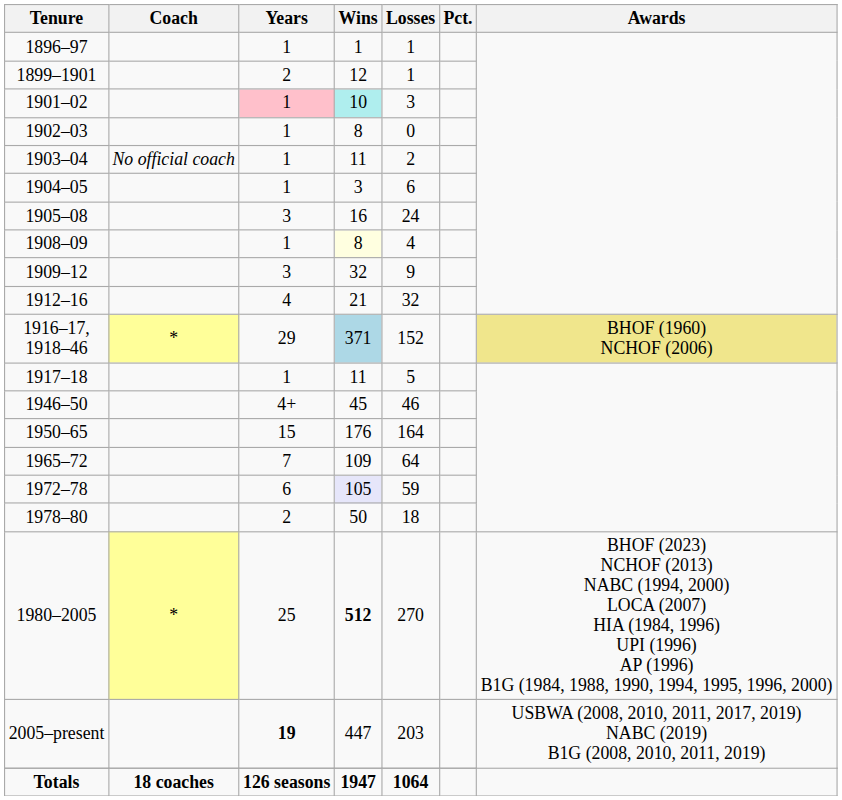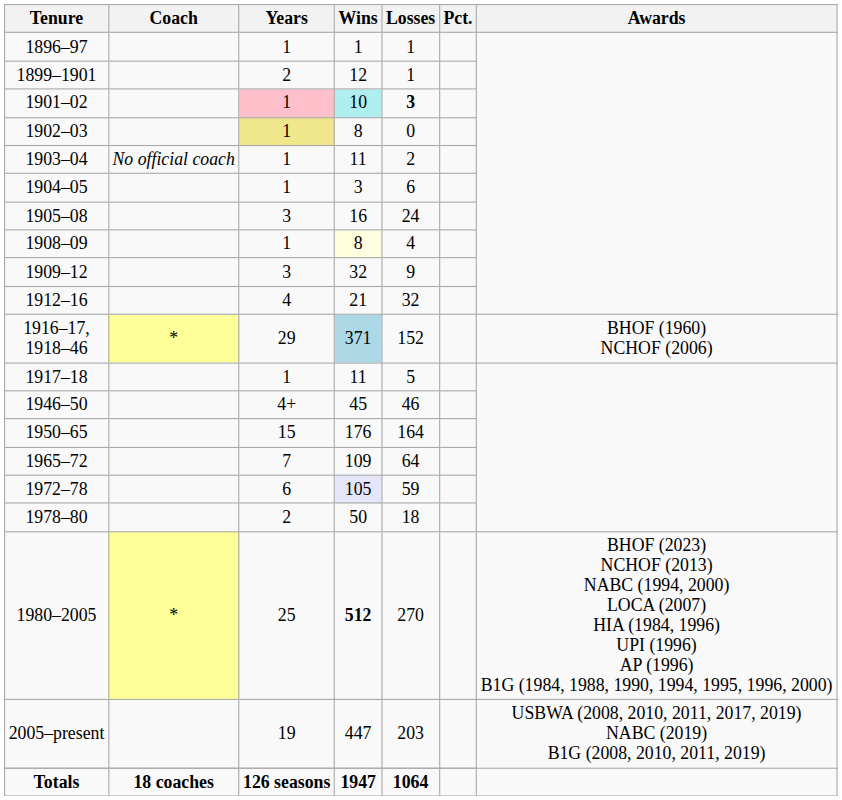 <table class="wikitable sortable" style="text-align:center">
 <tr>
 <th>Tenure</th>
 <th>Coach</th>
 <th>Years</th>
 <th>Wins</th>
 <th>Losses</th>
 <th>Pct.</th>
 <th>Awards</th>
 </tr>
 <tr>
 <td>1896–97</td>
 <td></td>
 <td>1</td>
 <td>1</td>
 <td>1</td>
 <td></td>
 </tr>
 <tr>
 <td>1899–1901</td>
 <td></td>
 <td>2</td>
 <td>12</td>
 <td>1</td>
 <td></td>
 </tr>
 <tr>
 <td>1901–02</td>
 <td></td>
 <td style="background: pink;">1</td>
 <td style="background: paleturquoise;">10</td>
-<td>3</td>
+<td><strong>3</strong></td>
 <td></td>
 </tr>
 <tr>
 <td>1902–03</td>
 <td></td>
-<td>1</td>
+<td style="background: khaki;">1</td>
 <td>8</td>
 <td>0</td>
 <td></td>
 </tr>
 <tr>
 <td>1903–04</td>
 <td><em>No official coach</em></td>
 <td>1</td>
 <td>11</td>
 <td>2</td>
 <td></td>
 </tr>
 <tr>
 <td>1904–05</td>
 <td></td>
 <td>1</td>
 <td>3</td>
 <td>6</td>
 <td></td>
 </tr>
 <tr>
 <td>1905–08</td>
 <td></td>
 <td>3</td>
 <td>16</td>
 <td>24</td>
 <td></td>
 </tr>
 <tr>
 <td>1908–09</td>
 <td></td>
 <td>1</td>
 <td style="background: lightyellow;">8</td>
 <td>4</td>
 <td></td>
 </tr>
 <tr>
 <td>1909–12</td>
 <td></td>
 <td>3</td>
 <td>32</td>
 <td>9</td>
 <td></td>
 </tr>
 <tr>
 <td>1912–16</td>
 <td></td>
 <td>4</td>
 <td>21</td>
 <td>32</td>
 <td></td>
 </tr>
 <tr>
 <td>1916–17,<br>1918–46</td>
 <td style="background-color:#FFFF99">*</td>
 <td>29</td>
 <td style="background: lightblue;">371</td>
 <td>152</td>
 <td></td>
-<td style="background: khaki;">BHOF (1960)<br>NCHOF (2006)</td>
+<td>BHOF (1960)<br>NCHOF (2006)</td>
 </tr>
 <tr>
 <td>1917–18</td>
 <td></td>
 <td>1</td>
 <td>11</td>
 <td>5</td>
 <td></td>
 </tr>
 <tr>
 <td>1946–50</td>
 <td></td>
 <td>4+</td>
 <td>45</td>
 <td>46</td>
 <td></td>
 </tr>
 <tr>
 <td>1950–65</td>
 <td></td>
 <td>15</td>
 <td>176</td>
 <td>164</td>
 <td></td>
 </tr>
 <tr>
 <td>1965–72</td>
 <td></td>
 <td>7</td>
 <td>109</td>
 <td>64</td>
 <td></td>
 </tr>
 <tr>
 <td>1972–78</td>
 <td></td>
 <td>6</td>
 <td style="background: lavender;">105</td>
 <td>59</td>
 <td></td>
 </tr>
 <tr>
 <td>1978–80</td>
 <td></td>
 <td>2</td>
 <td>50</td>
 <td>18</td>
 <td></td>
 </tr>
 <tr>
 <td>1980–2005</td>
 <td style="background-color:#FFFF99">*</td>
 <td>25</td>
 <td><strong>512</strong></td>
 <td>270</td>
 <td></td>
 <td>BHOF (2023)<br>NCHOF (2013)<br>NABC (1994, 2000)<br>LOCA (2007)<br>HIA (1984, 1996)<br>UPI (1996)<br>AP (1996)<br>B1G (1984, 1988, 1990, 1994, 1995, 1996, 2000)</td>
 </tr>
 <tr>
 <td>2005–present</td>
 <td></td>
-<td><strong>19</strong></td>
+<td>19</td>
 <td>447</td>
 <td>203</td>
 <td> </td>
 <td>USBWA (2008, 2010, 2011, 2017, 2019)<br>NABC (2019)<br>B1G (2008, 2010, 2011, 2019)</td>
 </tr>
 <tr>
 </tr>
 <tr class="sortbottom" style="font-weight:bold; ">
 <td>Totals</td>
 <td>18 coaches</td>
 <td>126 seasons</td>
 <td>1947</td>
 <td>1064</td>
 <td></td>
 </tr>
 </table>
